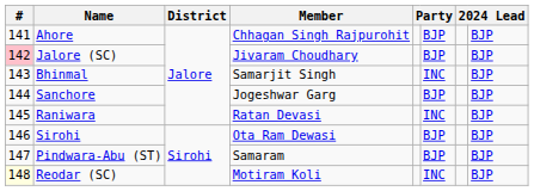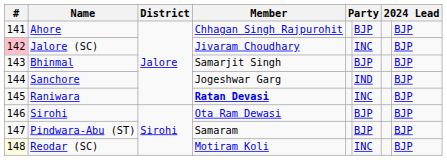 <table class="wikitable">
 <tr>
 <th>#</th>
 <th>Name</th>
 <th>District</th>
 <th>Member</th>
 <th colspan="2">Party</th>
 <th colspan="2">2024 Lead</th>
 </tr>
 <tr>
 <td>141</td>
 <td><a href='#'>Ahore</a></td>
 <td rowspan="5"><a href='#'>Jalore</a></td>
 <td><a href='#'>Chhagan Singh Rajpurohit</a></td>
 <td style="background-color: "></td>
 <td><a href='#'>BJP</a></td>
 <td style="background-color: "></td>
 <td><a href='#'>BJP</a></td>
 </tr>
 <tr>
 <td style="background: pink;">142</td>
 <td><a href='#'>Jalore</a> (SC)</td>
 <td><a href='#'>Jivaram Choudhary</a></td>
 <td style="background-color: "></td>
-<td><a href='#'>BJP</a></td>
+<td><a href='#'>INC</a></td>
 <td style="background-color: "></td>
 <td><a href='#'>BJP</a></td>
 </tr>
 <tr>
 <td>143</td>
 <td><a href='#'>Bhinmal</a></td>
 <td>Samarjit Singh</td>
 <td style="background-color: "></td>
-<td><a href='#'>INC</a></td>
+<td><a href='#'>BJP</a></td>
 <td style="background-color: "></td>
 <td><a href='#'>BJP</a></td>
 </tr>
 <tr>
 <td>144</td>
 <td><a href='#'>Sanchore</a></td>
 <td>Jogeshwar Garg</td>
 <td style="background-color: "></td>
-<td><a href='#'>BJP</a></td>
+<td><a href='#'>IND</a></td>
 <td style="background-color: "></td>
 <td><a href='#'>BJP</a></td>
 </tr>
 <tr>
 <td>145</td>
 <td><a href='#'>Raniwara</a></td>
-<td><a href='#'>Ratan Devasi</a></td>
+<td><strong><a href='#'>Ratan Devasi</a></strong></td>
 <td style="background-color: "></td>
 <td><a href='#'>INC</a></td>
 <td style="background-color: "></td>
 <td><a href='#'>BJP</a></td>
 </tr>
 <tr>
 <td>146</td>
 <td><a href='#'>Sirohi</a></td>
 <td rowspan="3"><a href='#'>Sirohi</a></td>
 <td><a href='#'>Ota Ram Dewasi</a></td>
 <td style="background-color: "></td>
 <td><a href='#'>BJP</a></td>
 <td style="background-color: "></td>
 <td><a href='#'>BJP</a></td>
 </tr>
 <tr>
 <td>147</td>
 <td><a href='#'>Pindwara-Abu</a> (ST)</td>
 <td>Samaram</td>
 <td style="background-color: "></td>
 <td><a href='#'>BJP</a></td>
 <td style="background-color: "></td>
 <td><a href='#'>BJP</a></td>
 </tr>
 <tr>
 <td style="background: lightyellow;">148</td>
 <td><a href='#'>Reodar</a> (SC)</td>
 <td><a href='#'>Motiram Koli</a></td>
 <td style="background-color: "></td>
 <td><a href='#'>INC</a></td>
 <td style="background-color: "></td>
 <td><a href='#'>BJP</a></td>
 </tr>
 </table>
